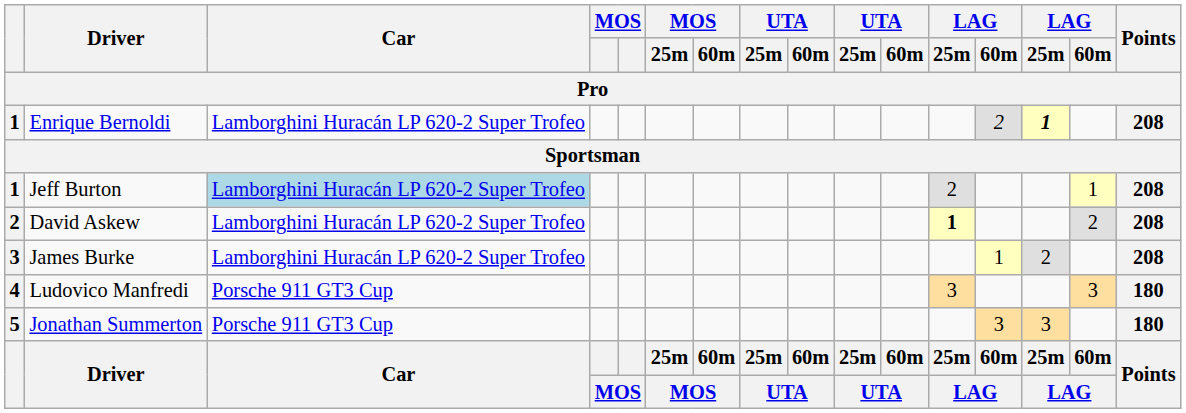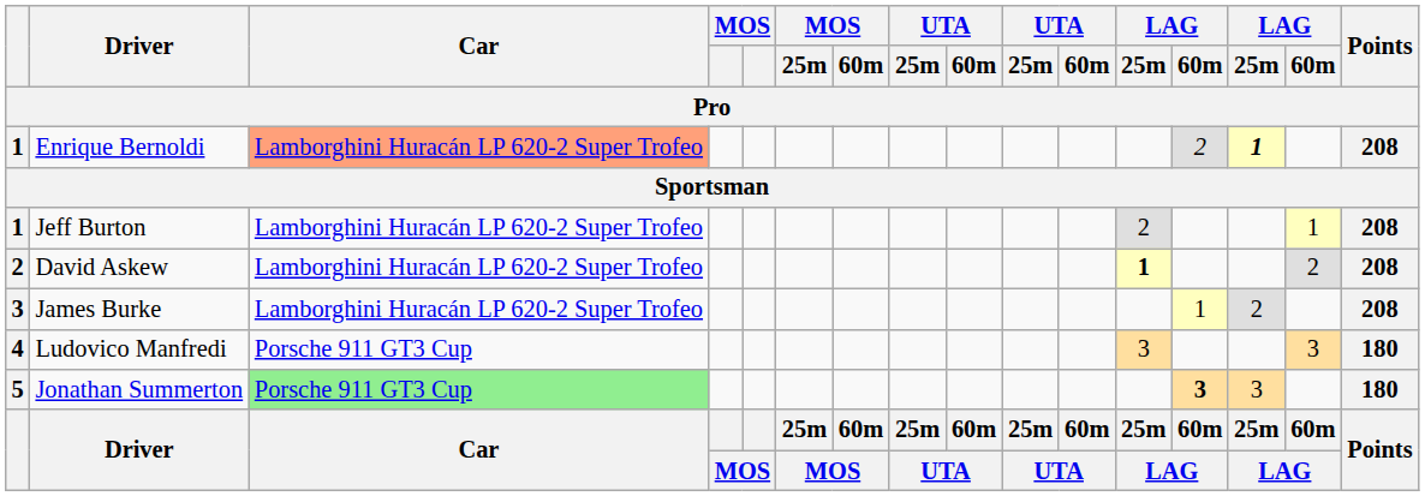 <table class="wikitable" style="font-size:85%; text-align:center">
 <tr valign="top">
 <th rowspan=2 valign=middle></th>
 <th rowspan=2 valign=middle>Driver</th>
 <th rowspan=2 valign=middle>Car</th>
 <th colspan=2><a href='#'>MOS</a></th>
 <th colspan=2><a href='#'>MOS</a></th>
 <th colspan=2><a href='#'>UTA</a></th>
 <th colspan=2><a href='#'>UTA</a></th>
 <th colspan=2><a href='#'>LAG</a></th>
 <th colspan=2><a href='#'>LAG</a></th>
 <th rowspan=2 valign=middle>Points</th>
 </tr>
 <tr>
 <th></th>
 <th></th>
 <th>25m</th>
 <th>60m</th>
 <th>25m</th>
 <th>60m</th>
 <th>25m</th>
 <th>60m</th>
 <th>25m</th>
 <th>60m</th>
 <th>25m</th>
 <th>60m</th>
 </tr>
 <tr>
 <th colspan=16>Pro</th>
 </tr>
 <tr>
 <th>1</th>
 <td align=left> <a href='#'>Enrique Bernoldi</a></td>
-<td align=left><a href='#'>Lamborghini Huracán LP 620-2 Super Trofeo</a></td>
+<td align=left style="background: lightsalmon;"><a href='#'>Lamborghini Huracán LP 620-2 Super Trofeo</a></td>
 <td></td>
 <td></td>
 <td></td>
 <td></td>
 <td></td>
 <td></td>
 <td></td>
 <td></td>
 <td></td>
 <td style="background:#DFDFDF;"><em>2</em></td>
 <td style="background:#FFFFBF;"><strong><em>1</em></strong></td>
 <td></td>
 <th>208</th>
 </tr>
 <tr>
 <th colspan=16>Sportsman</th>
 </tr>
 <tr>
 <th>1</th>
 <td align=left> Jeff Burton</td>
-<td align=left style="background: lightblue;"><a href='#'>Lamborghini Huracán LP 620-2 Super Trofeo</a></td>
+<td align=left><a href='#'>Lamborghini Huracán LP 620-2 Super Trofeo</a></td>
 <td></td>
 <td></td>
 <td></td>
 <td></td>
 <td></td>
 <td></td>
 <td></td>
 <td></td>
 <td style="background:#DFDFDF;">2</td>
 <td></td>
 <td></td>
 <td style="background:#FFFFBF;">1</td>
 <th>208</th>
 </tr>
 <tr>
 <th>2</th>
 <td align=left> David Askew</td>
 <td align=left><a href='#'>Lamborghini Huracán LP 620-2 Super Trofeo</a></td>
 <td></td>
 <td></td>
 <td></td>
 <td></td>
 <td></td>
 <td></td>
 <td></td>
 <td></td>
 <td style="background:#FFFFBF;"><strong>1</strong></td>
 <td></td>
 <td></td>
 <td style="background:#DFDFDF;">2</td>
 <th>208</th>
 </tr>
 <tr>
 <th>3</th>
 <td align=left> James Burke</td>
 <td align=left><a href='#'>Lamborghini Huracán LP 620-2 Super Trofeo</a></td>
 <td></td>
 <td></td>
 <td></td>
 <td></td>
 <td></td>
 <td></td>
 <td></td>
 <td></td>
 <td></td>
 <td style="background:#FFFFBF;">1</td>
 <td style="background:#DFDFDF;">2</td>
 <td></td>
 <th>208</th>
 </tr>
 <tr>
 <th>4</th>
 <td align=left> Ludovico Manfredi</td>
 <td align=left><a href='#'>Porsche 911 GT3 Cup</a></td>
 <td></td>
 <td></td>
 <td></td>
 <td></td>
 <td></td>
 <td></td>
 <td></td>
 <td></td>
 <td style="background:#FFDF9F;">3</td>
 <td></td>
 <td></td>
 <td style="background:#FFDF9F;">3</td>
 <th>180</th>
 </tr>
 <tr>
 <th>5</th>
 <td align=left> <a href='#'>Jonathan Summerton</a></td>
-<td align=left><a href='#'>Porsche 911 GT3 Cup</a></td>
+<td align=left style="background: lightgreen;"><a href='#'>Porsche 911 GT3 Cup</a></td>
 <td></td>
 <td></td>
 <td></td>
 <td></td>
 <td></td>
 <td></td>
 <td></td>
 <td></td>
 <td></td>
-<td style="background:#FFDF9F;">3</td>
+<td style="background:#FFDF9F;"><strong>3</strong></td>
 <td style="background:#FFDF9F;">3</td>
 <td></td>
 <th>180</th>
 </tr>
 <tr valign="top">
 <th rowspan=2 valign=middle></th>
 <th rowspan=2 valign=middle>Driver</th>
 <th rowspan=2 valign=middle>Car</th>
 <th></th>
 <th></th>
 <th>25m</th>
 <th>60m</th>
 <th>25m</th>
 <th>60m</th>
 <th>25m</th>
 <th>60m</th>
 <th>25m</th>
 <th>60m</th>
 <th>25m</th>
 <th>60m</th>
 <th rowspan=2 valign=middle>Points</th>
 </tr>
 <tr>
 <th colspan=2><a href='#'>MOS</a></th>
 <th colspan=2><a href='#'>MOS</a></th>
 <th colspan=2><a href='#'>UTA</a></th>
 <th colspan=2><a href='#'>UTA</a></th>
 <th colspan=2><a href='#'>LAG</a></th>
 <th colspan=2><a href='#'>LAG</a></th>
 </tr>
 </table>
